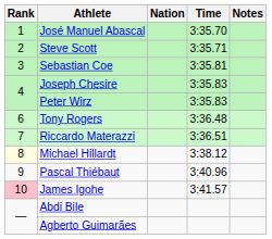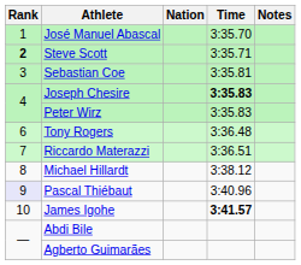 <table class="wikitable sortable" style="text-align:center">
 <tr>
 <th>Rank</th>
 <th>Athlete</th>
 <th>Nation</th>
 <th>Time</th>
 <th>Notes</th>
 </tr>
 <tr style="background:#bbf3bb;">
 <td>1</td>
 <td align=left><a href='#'>José Manuel Abascal</a></td>
 <td align=left></td>
 <td>3:35.70</td>
 <td></td>
 </tr>
 <tr style="background:#bbf3bb;">
-<td>2</td>
+<td><strong>2</strong></td>
 <td align=left><a href='#'>Steve Scott</a></td>
 <td align=left></td>
 <td>3:35.71</td>
 <td></td>
 </tr>
 <tr style="background:#bbf3bb;">
 <td>3</td>
 <td align=left><a href='#'>Sebastian Coe</a></td>
 <td align=left></td>
 <td>3:35.81</td>
 <td></td>
 </tr>
 <tr style="background:#bbf3bb;">
 <td rowspan=2>4</td>
 <td align=left><a href='#'>Joseph Chesire</a></td>
 <td align=left></td>
-<td>3:35.83</td>
+<td><strong>3:35.83</strong></td>
 <td></td>
 </tr>
 <tr style="background:#bbf3bb;">
 <td align=left><a href='#'>Peter Wirz</a></td>
 <td align=left></td>
 <td>3:35.83</td>
 <td></td>
 </tr>
 <tr style="background:#ccf9cc;">
 <td>6</td>
 <td align=left><a href='#'>Tony Rogers</a></td>
 <td align=left></td>
 <td>3:36.48</td>
 <td></td>
 </tr>
 <tr style="background:#ccf9cc;">
 <td>7</td>
 <td align=left><a href='#'>Riccardo Materazzi</a></td>
 <td align=left></td>
 <td>3:36.51</td>
 <td></td>
 </tr>
 <tr>
-<td style="background: lightyellow;">8</td>
+<td>8</td>
 <td align=left><a href='#'>Michael Hillardt</a></td>
 <td align=left></td>
 <td>3:38.12</td>
 <td></td>
 </tr>
 <tr>
-<td>9</td>
+<td style="background: lavender;">9</td>
 <td align=left><a href='#'>Pascal Thiébaut</a></td>
 <td align=left></td>
 <td>3:40.96</td>
 <td></td>
 </tr>
 <tr>
-<td style="background: pink;">10</td>
+<td>10</td>
 <td align=left><a href='#'>James Igohe</a></td>
 <td align=left></td>
-<td>3:41.57</td>
+<td><strong>3:41.57</strong></td>
 <td></td>
 </tr>
 <tr>
 <td rowspan=2 data-sort-value=11>—</td>
 <td align=left><a href='#'>Abdi Bile</a></td>
 <td align=left></td>
 <td></td>
 <td></td>
 </tr>
 <tr>
 <td align=left><a href='#'>Agberto Guimarães</a></td>
 <td align=left></td>
 <td></td>
 <td></td>
 </tr>
 </table>
